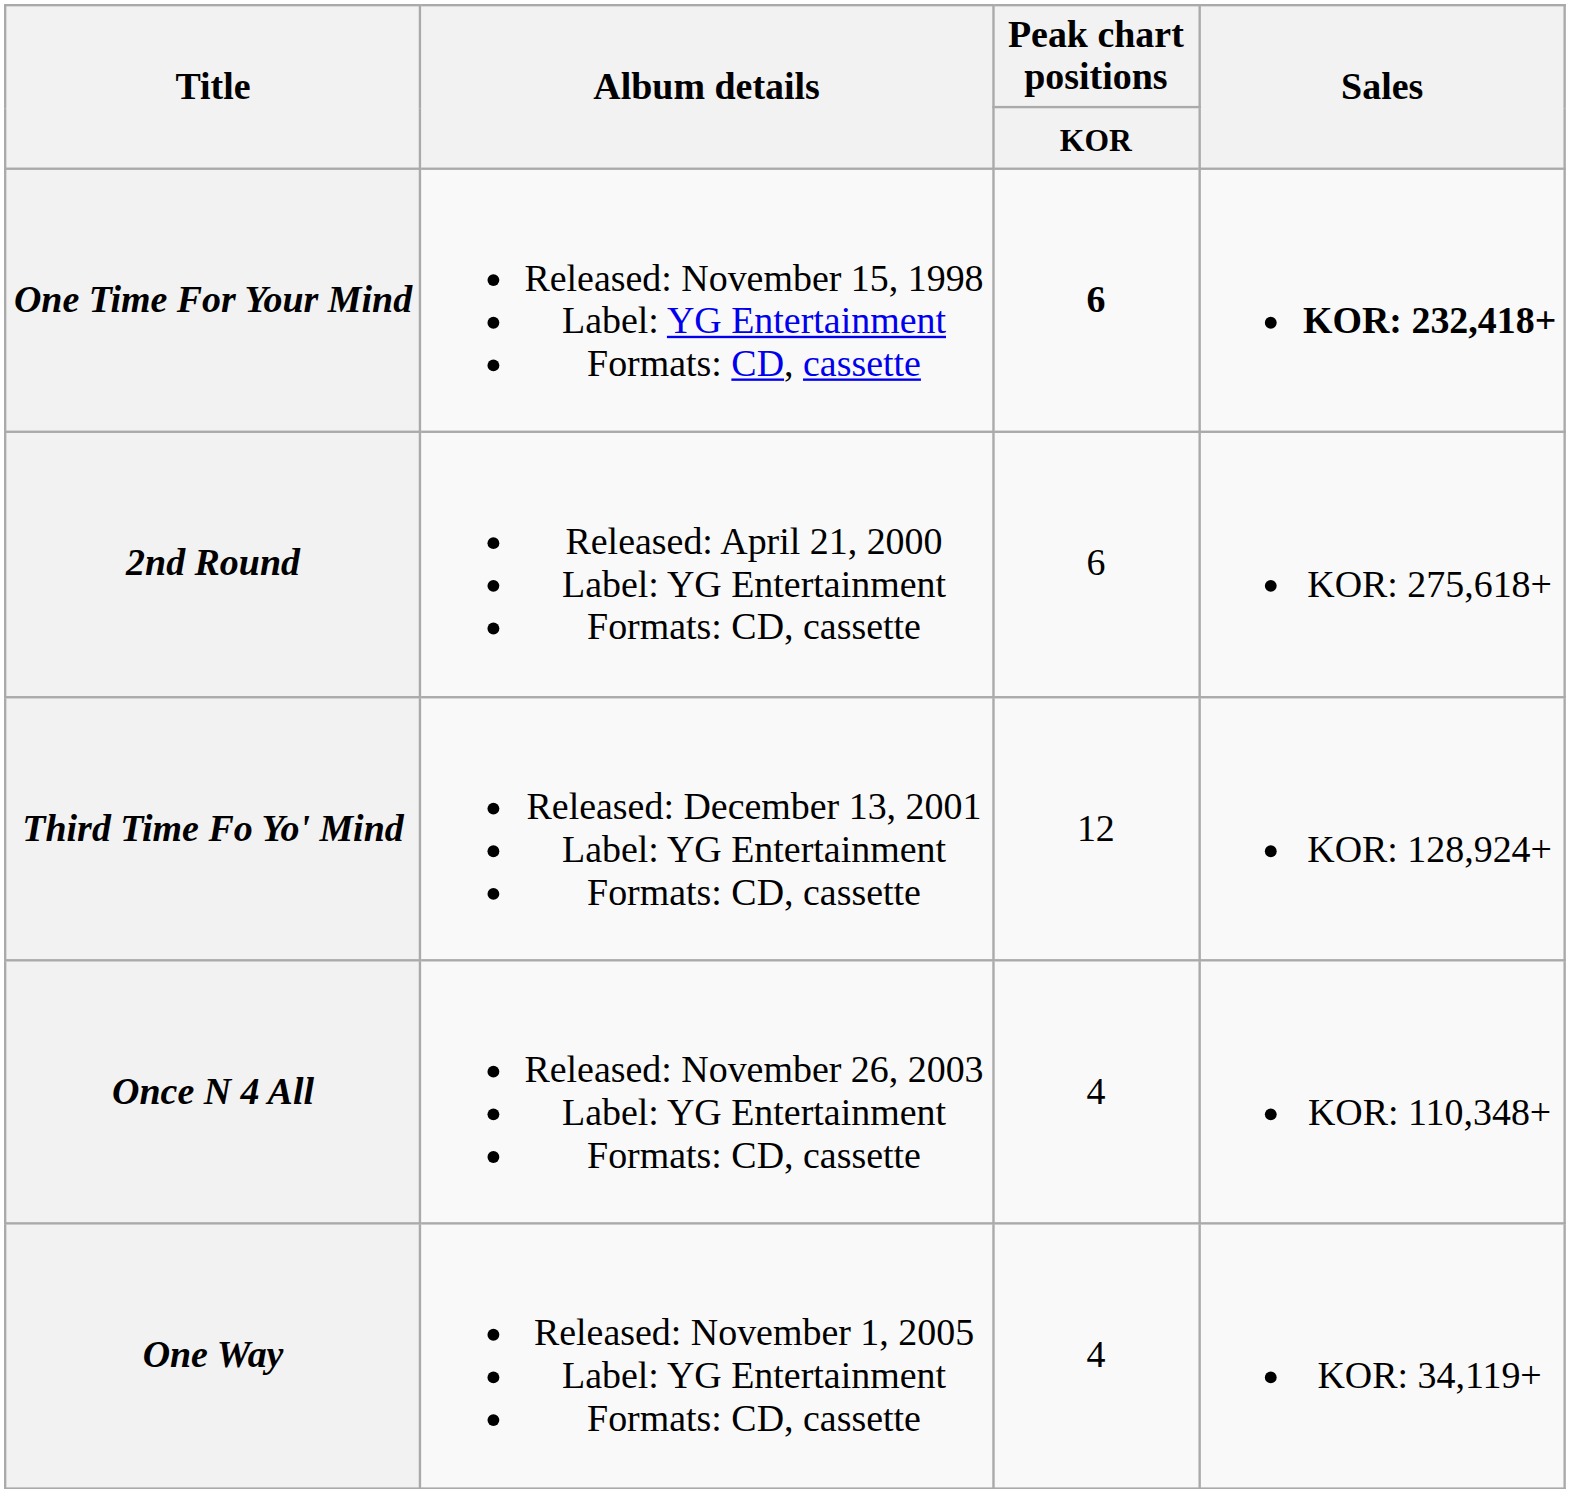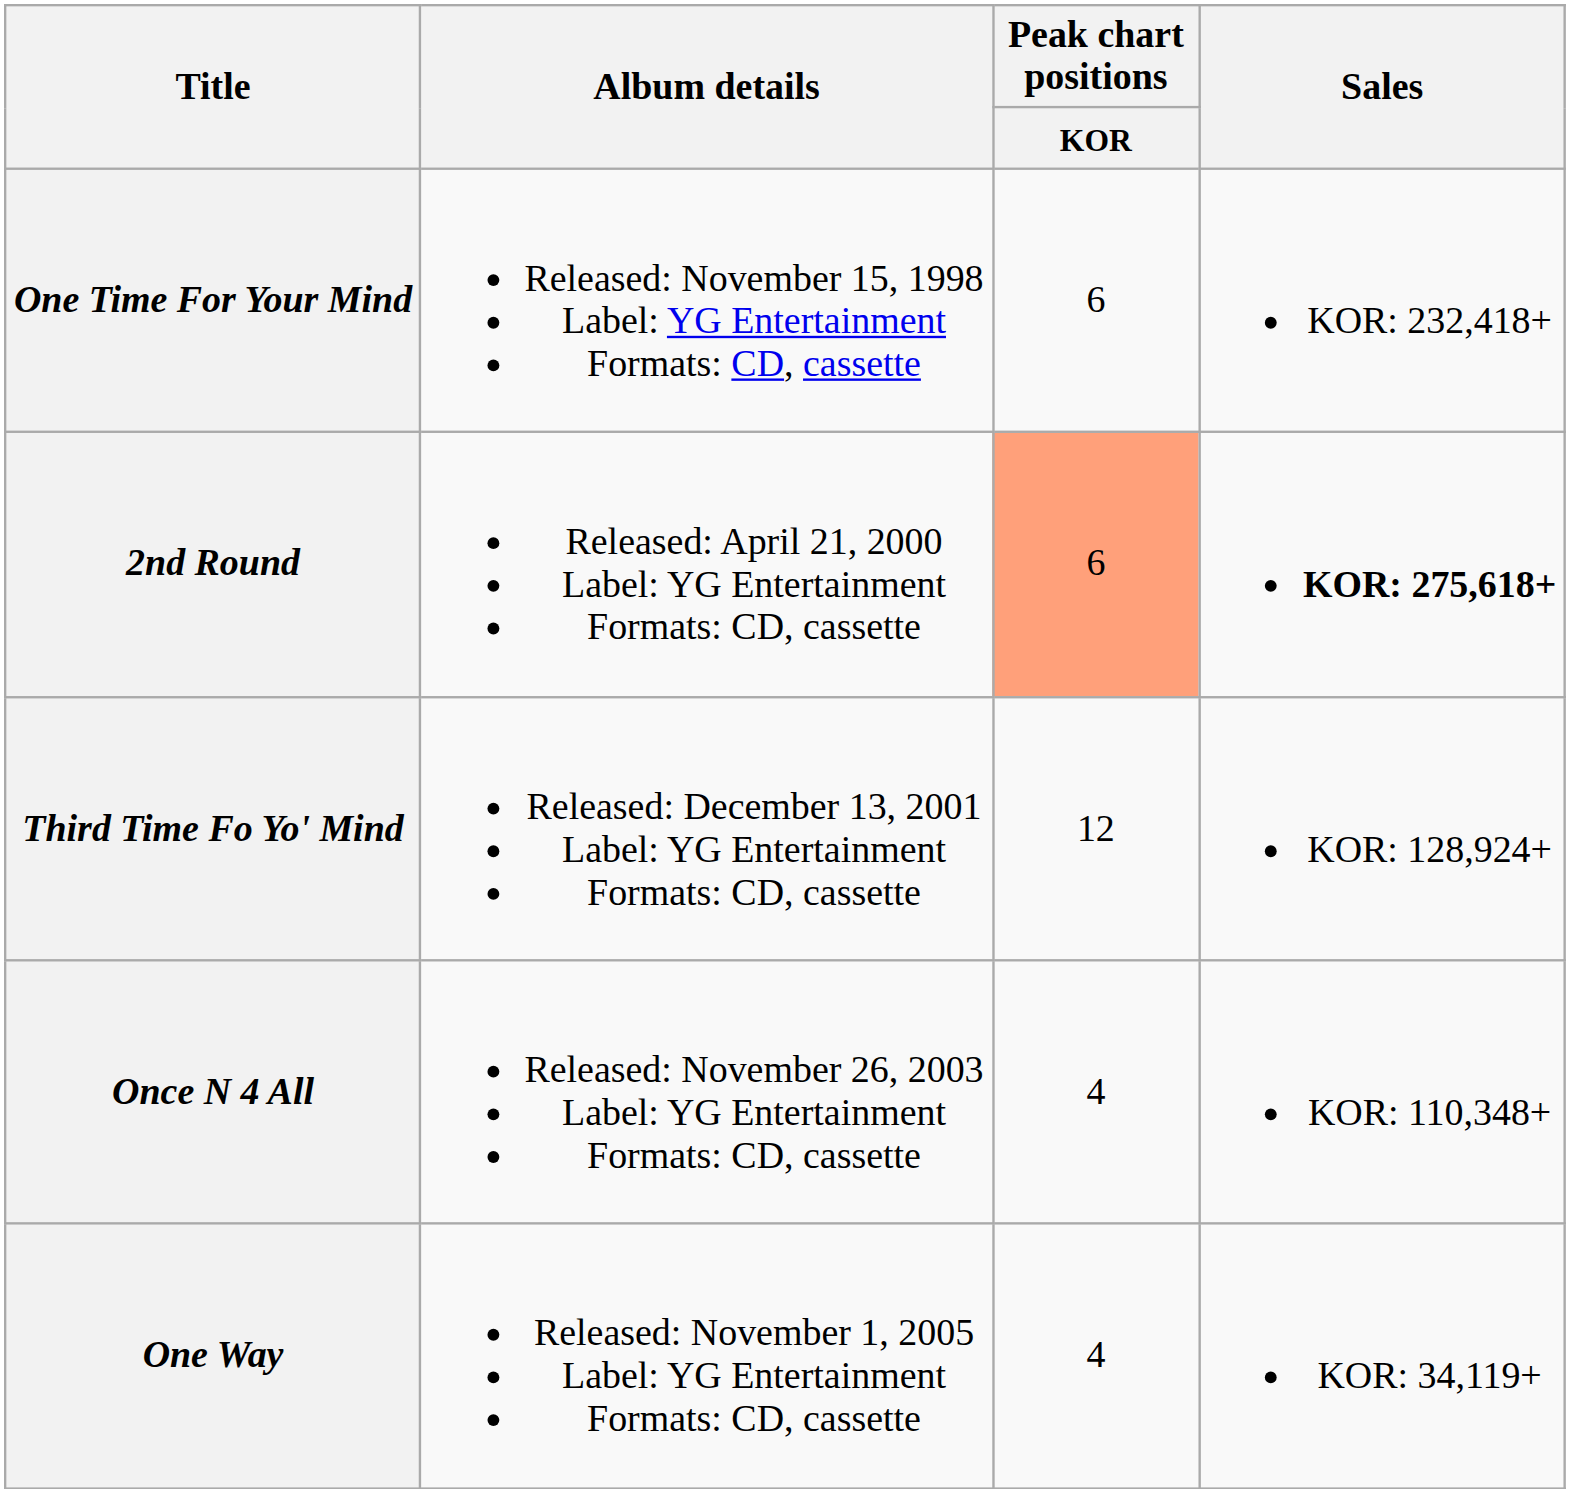 <table class="wikitable plainrowheaders" style="text-align:center;">
 <tr>
 <th scope="col" rowspan="2">Title</th>
 <th scope="col" rowspan="2">Album details</th>
 <th scope="col" colspan="1" style="width:5em;">Peak chart positions</th>
 <th scope="col" rowspan="2">Sales</th>
 </tr>
 <tr>
 <th><small>KOR</small><br></th>
 </tr>
 <tr>
 <th rowspan="1" scope="row"><em>One Time For Your Mind</em></th>
 <td><br><ul><li>Released: November 15, 1998</li><li>Label: <a href='#'>YG Entertainment</a></li><li>Formats: <a href='#'>CD</a>, <a href='#'>cassette</a></li></ul></td>
-<td><strong>6</strong></td>
-<td><strong><br><ul><li>KOR: 232,418+</li></ul></strong></td>
+<td>6</td>
+<td><br><ul><li>KOR: 232,418+</li></ul></td>
 </tr>
 <tr>
 <th rowspan="1" scope="row"><em>2nd Round</em></th>
 <td><br><ul><li>Released: April 21, 2000</li><li>Label: YG Entertainment</li><li>Formats: CD, cassette</li></ul></td>
-<td>6</td>
-<td><br><ul><li>KOR: 275,618+</li></ul></td>
+<td style="background: lightsalmon;">6</td>
+<td><strong><br><ul><li>KOR: 275,618+</li></ul></strong></td>
 </tr>
 <tr>
 <th rowspan="1" scope="row"><em>Third Time Fo Yo' Mind</em></th>
 <td><br><ul><li>Released: December 13, 2001</li><li>Label: YG Entertainment</li><li>Formats: CD, cassette</li></ul></td>
 <td>12</td>
 <td><br><ul><li>KOR: 128,924+</li></ul></td>
 </tr>
 <tr>
 <th rowspan="1" scope="row"><em>Once N 4 All</em></th>
 <td><br><ul><li>Released: November 26, 2003</li><li>Label: YG Entertainment</li><li>Formats: CD, cassette</li></ul></td>
 <td>4</td>
 <td><br><ul><li>KOR: 110,348+</li></ul></td>
 </tr>
 <tr>
 <th rowspan="1" scope="row"><em>One Way</em></th>
 <td><br><ul><li>Released: November 1, 2005</li><li>Label: YG Entertainment</li><li>Formats: CD, cassette</li></ul></td>
 <td>4</td>
 <td><br><ul><li>KOR: 34,119+</li></ul></td>
 </tr>
 <tr>
 </tr>
 </table>
